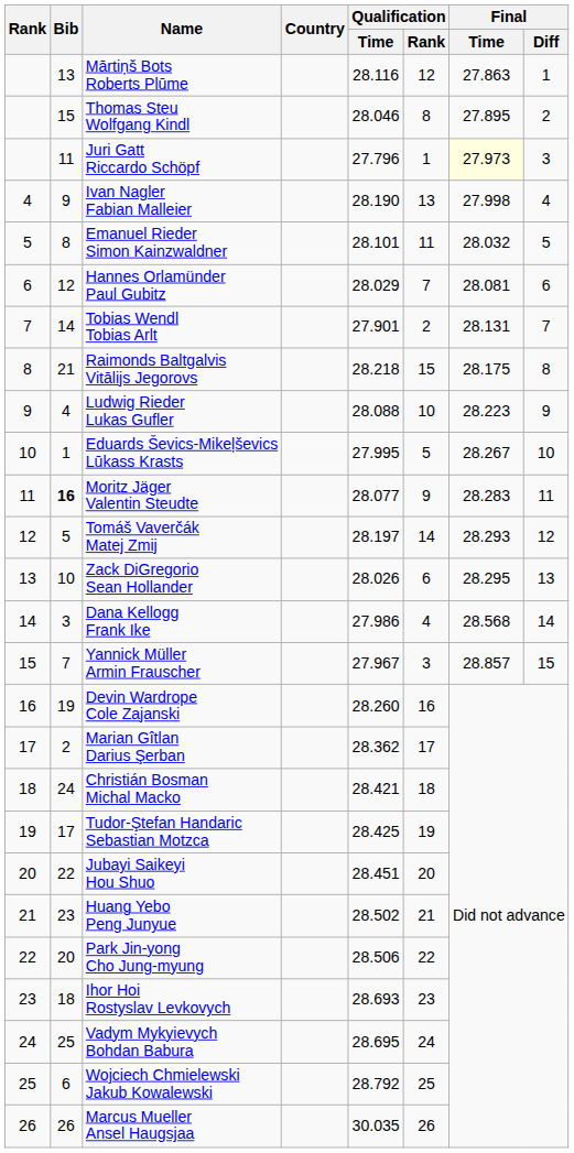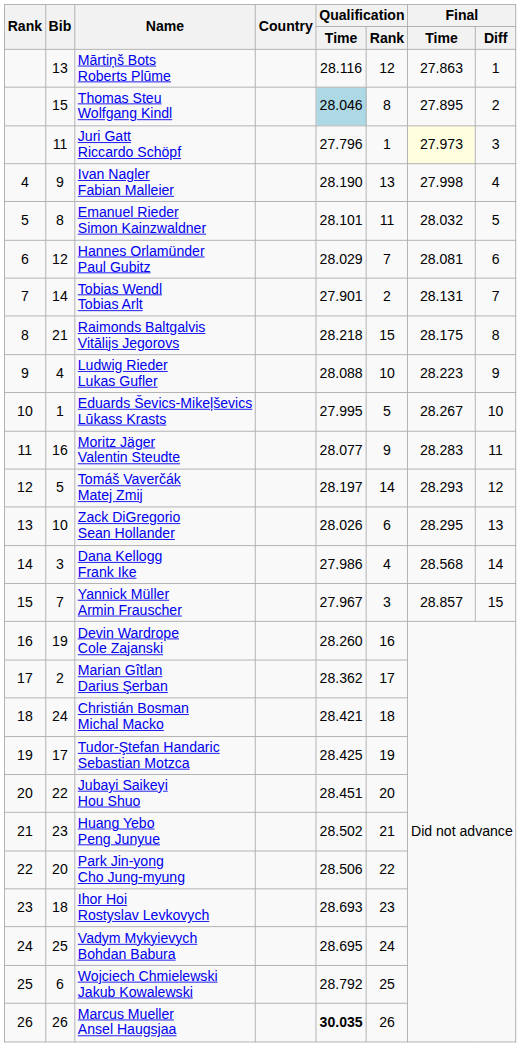 <table class="wikitable sortable" style="text-align:center">
 <tr>
 <th rowspan=2>Rank</th>
 <th rowspan=2>Bib</th>
 <th rowspan=2>Name</th>
 <th rowspan=2>Country</th>
 <th colspan=2>Qualification</th>
 <th colspan=2>Final</th>
 </tr>
 <tr>
 <th>Time</th>
 <th>Rank</th>
 <th>Time</th>
 <th>Diff</th>
 </tr>
 <tr>
 <td></td>
 <td>13</td>
 <td align=left><a href='#'>Mārtiņš Bots</a><br><a href='#'>Roberts Plūme</a></td>
 <td align=left></td>
 <td>28.116</td>
 <td>12</td>
 <td>27.863</td>
 <td>1</td>
 </tr>
 <tr>
 <td></td>
 <td>15</td>
 <td align=left><a href='#'>Thomas Steu</a><br><a href='#'>Wolfgang Kindl</a></td>
 <td align=left></td>
-<td>28.046</td>
+<td style="background: lightblue;">28.046</td>
 <td>8</td>
 <td>27.895</td>
 <td>2</td>
 </tr>
 <tr>
 <td></td>
 <td>11</td>
 <td align=left><a href='#'>Juri Gatt</a><br><a href='#'>Riccardo Schöpf</a></td>
 <td align=left></td>
 <td>27.796</td>
 <td>1</td>
 <td style="background: lightyellow;">27.973</td>
 <td>3</td>
 </tr>
 <tr>
 <td>4</td>
 <td>9</td>
 <td align=left><a href='#'>Ivan Nagler</a><br><a href='#'>Fabian Malleier</a></td>
 <td align=left></td>
 <td>28.190</td>
 <td>13</td>
 <td>27.998</td>
 <td>4</td>
 </tr>
 <tr>
 <td>5</td>
 <td>8</td>
 <td align=left><a href='#'>Emanuel Rieder</a><br><a href='#'>Simon Kainzwaldner</a></td>
 <td align=left></td>
 <td>28.101</td>
 <td>11</td>
 <td>28.032</td>
 <td>5</td>
 </tr>
 <tr>
 <td>6</td>
 <td>12</td>
 <td align=left><a href='#'>Hannes Orlamünder</a><br><a href='#'>Paul Gubitz</a></td>
 <td align=left></td>
 <td>28.029</td>
 <td>7</td>
 <td>28.081</td>
 <td>6</td>
 </tr>
 <tr>
 <td>7</td>
 <td>14</td>
 <td align=left><a href='#'>Tobias Wendl</a><br><a href='#'>Tobias Arlt</a></td>
 <td align=left></td>
 <td>27.901</td>
 <td>2</td>
 <td>28.131</td>
 <td>7</td>
 </tr>
 <tr>
 <td>8</td>
 <td>21</td>
 <td align=left><a href='#'>Raimonds Baltgalvis</a><br><a href='#'>Vitālijs Jegorovs</a></td>
 <td align=left></td>
 <td>28.218</td>
 <td>15</td>
 <td>28.175</td>
 <td>8</td>
 </tr>
 <tr>
 <td>9</td>
 <td>4</td>
 <td align=left><a href='#'>Ludwig Rieder</a><br><a href='#'>Lukas Gufler</a></td>
 <td align=left></td>
 <td>28.088</td>
 <td>10</td>
 <td>28.223</td>
 <td>9</td>
 </tr>
 <tr>
 <td>10</td>
 <td>1</td>
 <td align=left><a href='#'>Eduards Ševics-Mikeļševics</a><br><a href='#'>Lūkass Krasts</a></td>
 <td align=left></td>
 <td>27.995</td>
 <td>5</td>
 <td>28.267</td>
 <td>10</td>
 </tr>
 <tr>
 <td>11</td>
-<td><strong>16</strong></td>
+<td>16</td>
 <td align=left><a href='#'>Moritz Jäger</a><br><a href='#'>Valentin Steudte</a></td>
 <td align=left></td>
 <td>28.077</td>
 <td>9</td>
 <td>28.283</td>
 <td>11</td>
 </tr>
 <tr>
 <td>12</td>
 <td>5</td>
 <td align=left><a href='#'>Tomáš Vaverčák</a><br><a href='#'>Matej Zmij</a></td>
 <td align=left></td>
 <td>28.197</td>
 <td>14</td>
 <td>28.293</td>
 <td>12</td>
 </tr>
 <tr>
 <td>13</td>
 <td>10</td>
 <td align=left><a href='#'>Zack DiGregorio</a><br><a href='#'>Sean Hollander</a></td>
 <td align=left></td>
 <td>28.026</td>
 <td>6</td>
 <td>28.295</td>
 <td>13</td>
 </tr>
 <tr>
 <td>14</td>
 <td>3</td>
 <td align=left><a href='#'>Dana Kellogg</a><br><a href='#'>Frank Ike</a></td>
 <td align=left></td>
 <td>27.986</td>
 <td>4</td>
 <td>28.568</td>
 <td>14</td>
 </tr>
 <tr>
 <td>15</td>
 <td>7</td>
 <td align=left><a href='#'>Yannick Müller</a><br><a href='#'>Armin Frauscher</a></td>
 <td align=left></td>
 <td>27.967</td>
 <td>3</td>
 <td>28.857</td>
 <td>15</td>
 </tr>
 <tr>
 <td>16</td>
 <td>19</td>
 <td align=left><a href='#'>Devin Wardrope</a><br><a href='#'>Cole Zajanski</a></td>
 <td align=left></td>
 <td>28.260</td>
 <td>16</td>
 <td rowspan=11 colspan=2>Did not advance</td>
 </tr>
 <tr>
 <td>17</td>
 <td>2</td>
 <td align=left><a href='#'>Marian Gîtlan</a><br><a href='#'>Darius Şerban</a></td>
 <td align=left></td>
 <td>28.362</td>
 <td>17</td>
 </tr>
 <tr>
 <td>18</td>
 <td>24</td>
 <td align=left><a href='#'>Christián Bosman</a><br><a href='#'>Michal Macko</a></td>
 <td align=left></td>
 <td>28.421</td>
 <td>18</td>
 </tr>
 <tr>
 <td>19</td>
 <td>17</td>
 <td align=left><a href='#'>Tudor-Ştefan Handaric</a><br><a href='#'>Sebastian Motzca</a></td>
 <td align=left></td>
 <td>28.425</td>
 <td>19</td>
 </tr>
 <tr>
 <td>20</td>
 <td>22</td>
 <td align=left><a href='#'>Jubayi Saikeyi</a><br><a href='#'>Hou Shuo</a></td>
 <td align=left></td>
 <td>28.451</td>
 <td>20</td>
 </tr>
 <tr>
 <td>21</td>
 <td>23</td>
 <td align=left><a href='#'>Huang Yebo</a><br><a href='#'>Peng Junyue</a></td>
 <td align=left></td>
 <td>28.502</td>
 <td>21</td>
 </tr>
 <tr>
 <td>22</td>
 <td>20</td>
 <td align=left><a href='#'>Park Jin-yong</a><br><a href='#'>Cho Jung-myung</a></td>
 <td align=left></td>
 <td>28.506</td>
 <td>22</td>
 </tr>
 <tr>
 <td>23</td>
 <td>18</td>
 <td align=left><a href='#'>Ihor Hoi</a><br><a href='#'>Rostyslav Levkovych</a></td>
 <td align=left></td>
 <td>28.693</td>
 <td>23</td>
 </tr>
 <tr>
 <td>24</td>
 <td>25</td>
 <td align=left><a href='#'>Vadym Mykyievych</a><br><a href='#'>Bohdan Babura</a></td>
 <td align=left></td>
 <td>28.695</td>
 <td>24</td>
 </tr>
 <tr>
 <td>25</td>
 <td>6</td>
 <td align=left><a href='#'>Wojciech Chmielewski</a><br><a href='#'>Jakub Kowalewski</a></td>
 <td align=left></td>
 <td>28.792</td>
 <td>25</td>
 </tr>
 <tr>
 <td>26</td>
 <td>26</td>
 <td align=left><a href='#'>Marcus Mueller</a><br><a href='#'>Ansel Haugsjaa</a></td>
 <td align=left></td>
-<td>30.035</td>
+<td><strong>30.035</strong></td>
 <td>26</td>
 </tr>
 </table>
